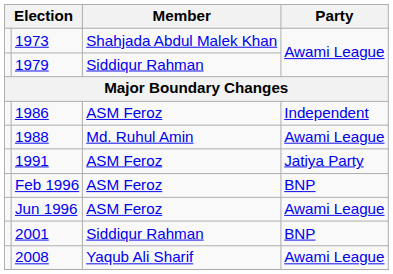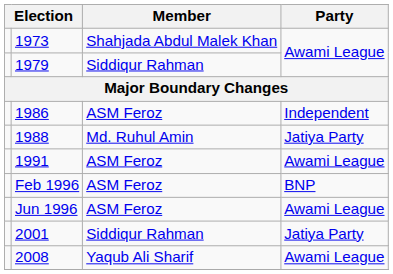 <table class="wikitable">
 <tr>
 <th colspan="2">Election</th>
 <th>Member</th>
 <th>Party</th>
 </tr>
 <tr>
 <td style="background-color:"></td>
 <td><a href='#'>1973</a></td>
 <td><a href='#'>Shahjada Abdul Malek Khan</a></td>
 <td rowspan="2"><a href='#'>Awami League</a></td>
 </tr>
 <tr>
 <td style="background-color:"></td>
 <td><a href='#'>1979</a></td>
 <td><a href='#'>Siddiqur Rahman</a></td>
 </tr>
 <tr>
 <th colspan="4">Major Boundary Changes</th>
 </tr>
 <tr>
 <td style="background-color:"></td>
 <td><a href='#'>1986</a></td>
 <td><a href='#'>ASM Feroz</a></td>
 <td><a href='#'>Independent</a></td>
 </tr>
 <tr>
 <td style="background-color:"></td>
 <td><a href='#'>1988</a></td>
 <td><a href='#'>Md. Ruhul Amin</a></td>
-<td><a href='#'>Awami League</a></td>
+<td><a href='#'>Jatiya Party</a></td>
 </tr>
 <tr>
 <td style="background-color:"></td>
 <td><a href='#'>1991</a></td>
 <td><a href='#'>ASM Feroz</a></td>
-<td><a href='#'>Jatiya Party</a></td>
+<td><a href='#'>Awami League</a></td>
 </tr>
 <tr>
 <td style="background-color:"></td>
 <td><a href='#'>Feb 1996</a></td>
 <td><a href='#'>ASM Feroz</a></td>
 <td><a href='#'>BNP</a></td>
 </tr>
 <tr>
 <td style="background-color:"></td>
 <td><a href='#'>Jun 1996</a></td>
 <td><a href='#'>ASM Feroz</a></td>
 <td><a href='#'>Awami League</a></td>
 </tr>
 <tr>
 <td style="background-color:"></td>
 <td><a href='#'>2001</a></td>
 <td><a href='#'>Siddiqur Rahman</a></td>
-<td><a href='#'>BNP</a></td>
+<td><a href='#'>Jatiya Party</a></td>
 </tr>
 <tr>
 <td style="background-color:"></td>
 <td><a href='#'>2008</a></td>
 <td><a href='#'>Yaqub Ali Sharif</a></td>
 <td><a href='#'>Awami League</a></td>
 </tr>
 <tr>
 </tr>
 </table>
